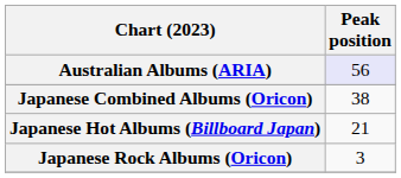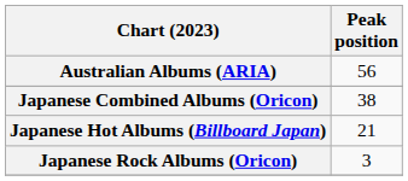 <table class="wikitable sortable plainrowheaders" style="text-align:center">
 <tr>
 <th scope="col">Chart (2023)</th>
 <th scope="col">Peak<br>position</th>
 </tr>
 <tr>
 <th scope="row">Australian Albums (<a href='#'>ARIA</a>)</th>
-<td style="background: lavender;">56</td>
+<td>56</td>
 </tr>
 <tr>
 </tr>
 <tr>
 </tr>
 <tr>
 </tr>
 <tr>
 </tr>
 <tr>
 </tr>
 <tr>
 </tr>
 <tr>
 </tr>
 <tr>
 </tr>
 <tr>
 </tr>
 <tr>
 </tr>
 <tr>
 </tr>
 <tr>
 <th scope="row">Japanese Combined Albums (<a href='#'>Oricon</a>)</th>
 <td>38</td>
 </tr>
 <tr>
 <th scope="row">Japanese Hot Albums (<em><a href='#'>Billboard Japan</a></em>)</th>
 <td>21</td>
 </tr>
 <tr>
 <th scope="row">Japanese Rock Albums (<a href='#'>Oricon</a>)</th>
 <td>3</td>
 </tr>
 <tr>
 </tr>
 <tr>
 </tr>
 <tr>
 </tr>
 <tr>
 </tr>
 <tr>
 </tr>
 <tr>
 </tr>
 <tr>
 </tr>
 <tr>
 </tr>
 <tr>
 </tr>
 </table>
